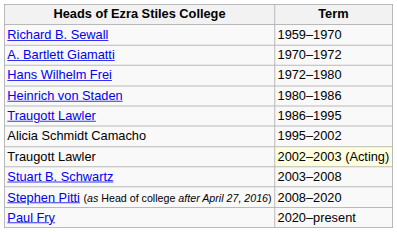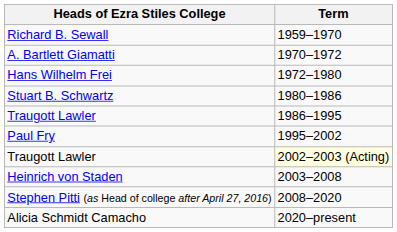 <table class="wikitable">
 <tr>
 <th>Heads of Ezra Stiles College</th>
 <th>Term</th>
 </tr>
 <tr>
 <td><a href='#'>Richard B. Sewall</a></td>
 <td>1959–1970</td>
 </tr>
 <tr>
 <td><a href='#'>A. Bartlett Giamatti</a></td>
 <td>1970–1972</td>
 </tr>
 <tr>
 <td><a href='#'>Hans Wilhelm Frei</a></td>
 <td>1972–1980</td>
 </tr>
 <tr>
-<td><a href='#'>Heinrich von Staden</a></td>
+<td><a href='#'>Stuart B. Schwartz</a></td>
 <td>1980–1986</td>
 </tr>
 <tr>
 <td><a href='#'>Traugott Lawler</a></td>
 <td>1986–1995</td>
 </tr>
 <tr>
-<td>Alicia Schmidt Camacho</td>
+<td><a href='#'>Paul Fry</a></td>
 <td>1995–2002</td>
 </tr>
 <tr>
 <td>Traugott Lawler</td>
 <td style="background: lightyellow;">2002–2003 (Acting)</td>
 </tr>
 <tr>
-<td><a href='#'>Stuart B. Schwartz</a></td>
+<td><a href='#'>Heinrich von Staden</a></td>
 <td>2003–2008</td>
 </tr>
 <tr>
 <td><a href='#'>Stephen Pitti</a> <small>(<em>as</em> Head of college <em>after April 27, 2016</em>)</small></td>
 <td>2008–2020</td>
 </tr>
 <tr>
-<td><a href='#'>Paul Fry</a></td>
+<td>Alicia Schmidt Camacho</td>
 <td>2020–present </td>
 </tr>
 </table>
